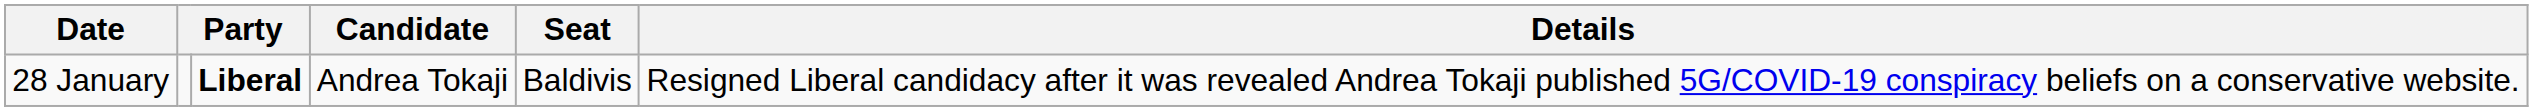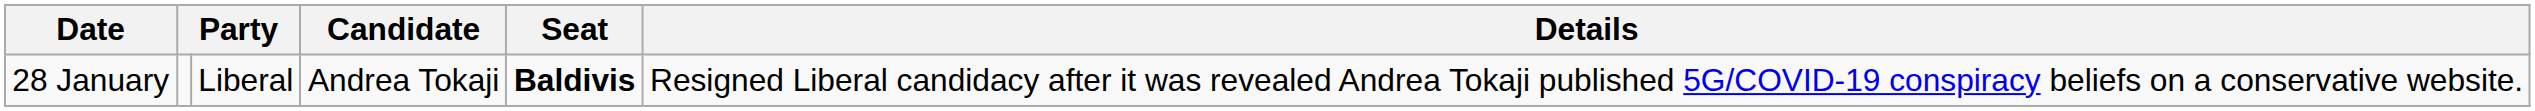 <table class="wikitable">
 <tr>
 <th>Date</th>
 <th colspan="2">Party</th>
 <th>Candidate</th>
 <th>Seat</th>
 <th>Details</th>
 </tr>
 <tr>
 <td>28 January</td>
 <td></td>
-<td><strong>Liberal</strong></td>
+<td>Liberal</td>
 <td>Andrea Tokaji</td>
-<td>Baldivis</td>
+<td><strong>Baldivis</strong></td>
 <td>Resigned Liberal candidacy after it was revealed Andrea Tokaji published <a href='#'>5G/COVID-19 conspiracy</a> beliefs on a conservative website.</td>
 </tr>
 </table>
